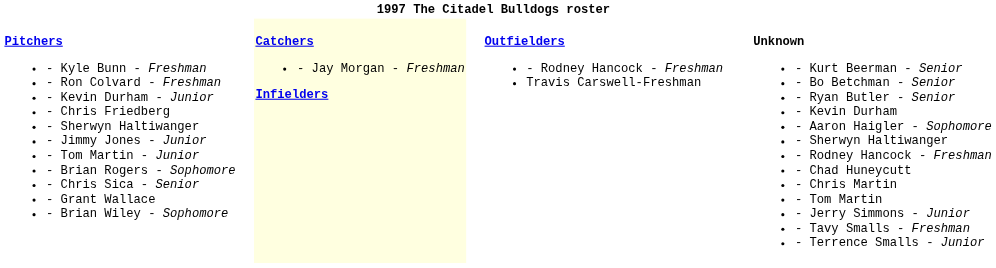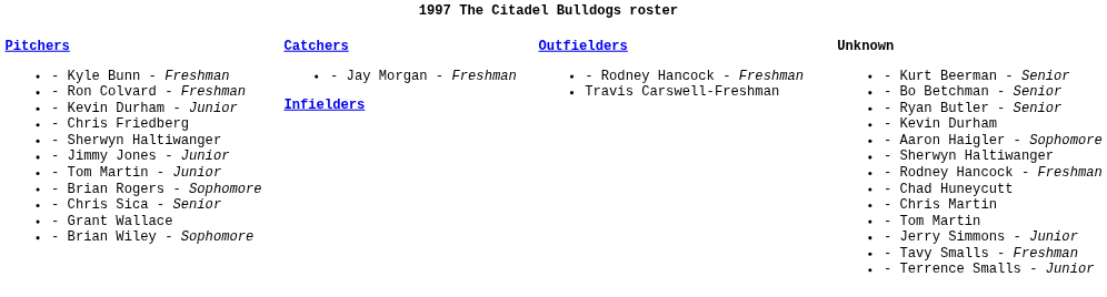 <table class="toccolours" style="border-collapse:collapse; font-size:90%;">
 <tr>
 <th colspan="9">1997 The Citadel Bulldogs roster</th>
 </tr>
 <tr>
 <td width="03"> </td>
 <td valign="top"><br><strong><a href='#'>Pitchers</a></strong><ul><li>- Kyle Bunn - <em>Freshman</em></li><li>- Ron Colvard - <em>Freshman</em></li><li>- Kevin Durham - <em>Junior</em></li><li>- Chris Friedberg</li><li>- Sherwyn Haltiwanger</li><li>- Jimmy Jones - <em>Junior</em></li><li>- Tom Martin - <em>Junior</em></li><li>- Brian Rogers - <em>Sophomore</em></li><li>- Chris Sica - <em>Senior</em></li><li>- Grant Wallace</li><li>- Brian Wiley - <em>Sophomore</em></li></ul></td>
 <td width="15"> </td>
-<td valign="top" style="background: lightyellow;"><br><strong><a href='#'>Catchers</a></strong><ul><li>- Jay Morgan - <em>Freshman</em></li></ul><strong><a href='#'>Infielders</a></strong></td>
+<td valign="top"><br><strong><a href='#'>Catchers</a></strong><ul><li>- Jay Morgan - <em>Freshman</em></li></ul><strong><a href='#'>Infielders</a></strong></td>
 <td width="15"> </td>
 <td valign="top"><br><strong><a href='#'>Outfielders</a></strong><ul><li>- Rodney Hancock - <em>Freshman</em></li><li>Travis Carswell-Freshman</li></ul></td>
 <td width="25"> </td>
 <td valign="top"><br><strong>Unknown</strong><ul><li>- Kurt Beerman - <em>Senior</em></li><li>- Bo Betchman - <em>Senior</em></li><li>- Ryan Butler - <em>Senior</em></li><li>- Kevin Durham</li><li>- Aaron Haigler - <em>Sophomore</em></li><li>- Sherwyn Haltiwanger</li><li>- Rodney Hancock - <em>Freshman</em></li><li>- Chad Huneycutt</li><li>- Chris Martin</li><li>- Tom Martin</li><li>- Jerry Simmons - <em>Junior</em></li><li>- Tavy Smalls - <em>Freshman</em></li><li>- Terrence Smalls - <em>Junior</em></li></ul></td>
 </tr>
 </table>
